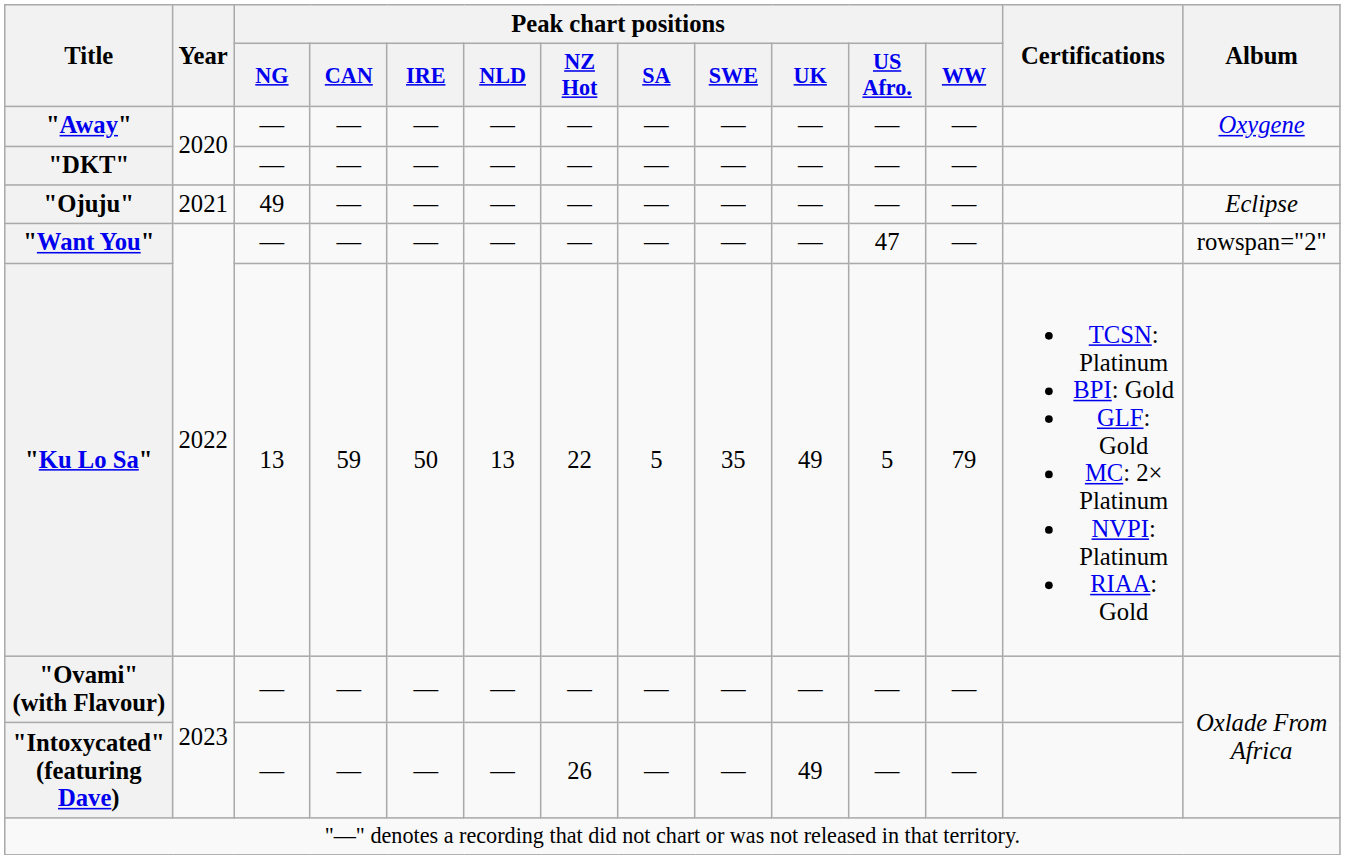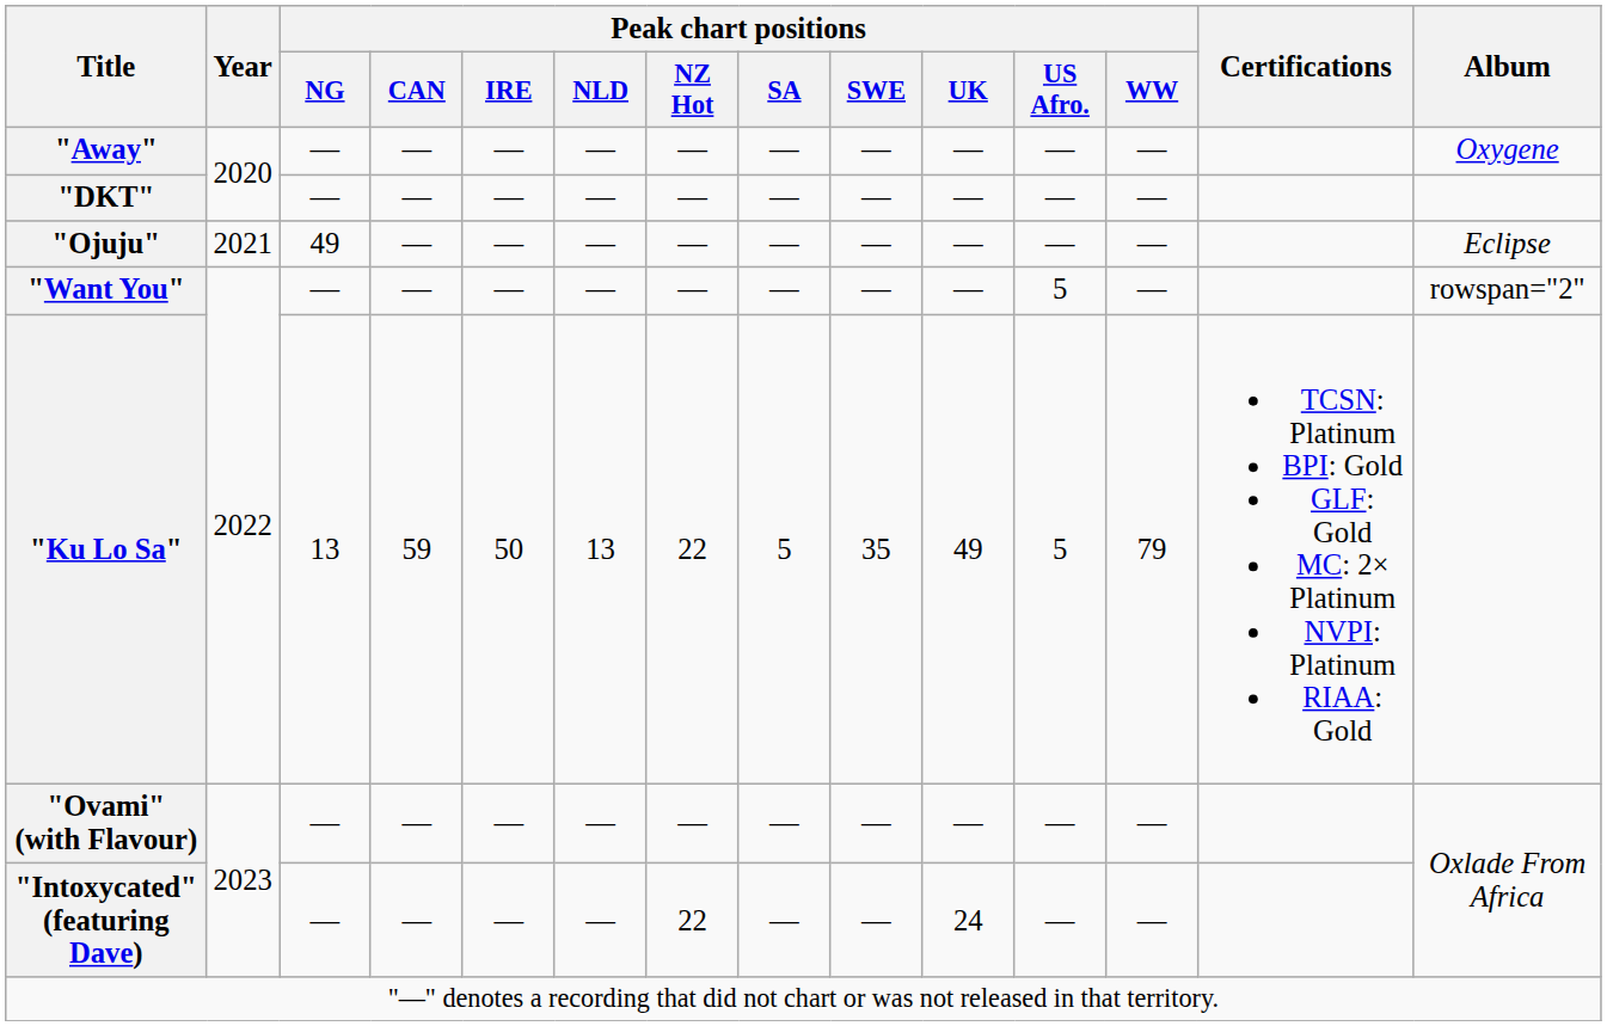 <table class="wikitable plainrowheaders" style="text-align:center;" border="1">
 <tr>
 <th scope="col" rowspan="2">Title</th>
 <th scope="col" rowspan="2" style="width:1em;">Year</th>
 <th scope="col" colspan="10">Peak chart positions</th>
 <th scope="col" rowspan="2">Certifications</th>
 <th scope="col" rowspan="2">Album</th>
 </tr>
 <tr>
 <th scope="col" style="width:3em;font-size:90%;"><a href='#'>NG</a><br></th>
 <th scope="col" style="width:3em;font-size:90%;"><a href='#'>CAN</a><br></th>
 <th scope="col" style="width:3em;font-size:90%;"><a href='#'>IRE</a><br></th>
 <th scope="col" style="width:3em;font-size:90%;"><a href='#'>NLD</a><br></th>
 <th scope="col" style="width:3em;font-size:90%;"><a href='#'>NZ<br>Hot</a><br></th>
 <th scope="col" style="width:3em;font-size:90%;"><a href='#'>SA</a><br></th>
 <th scope="col" style="width:3em;font-size:90%;"><a href='#'>SWE</a><br></th>
 <th scope="col" style="width:3em;font-size:90%;"><a href='#'>UK</a><br></th>
 <th scope="col" style="width:3em;font-size:90%;"><a href='#'>US<br>Afro.</a><br></th>
 <th scope="col" style="width:3em;font-size:90%;"><a href='#'>WW</a><br></th>
 </tr>
 <tr>
 <th scope="row">"<a href='#'>Away</a>"</th>
 <td rowspan="2">2020</td>
 <td>—</td>
 <td>—</td>
 <td>—</td>
 <td>—</td>
 <td>—</td>
 <td>—</td>
 <td>—</td>
 <td>—</td>
 <td>—</td>
 <td>—</td>
 <td></td>
 <td><em><a href='#'>Oxygene</a></em></td>
 </tr>
 <tr>
 <th scope="row">"DKT"</th>
 <td>—</td>
 <td>—</td>
 <td>—</td>
 <td>—</td>
 <td>—</td>
 <td>—</td>
 <td>—</td>
 <td>—</td>
 <td>—</td>
 <td>—</td>
 <td></td>
 <td></td>
 </tr>
 <tr>
 <th scope="row">"Ojuju"</th>
 <td>2021</td>
 <td>49</td>
 <td>—</td>
 <td>—</td>
 <td>—</td>
 <td>—</td>
 <td>—</td>
 <td>—</td>
 <td>—</td>
 <td>—</td>
 <td>—</td>
 <td></td>
 <td><em>Eclipse</em></td>
 </tr>
 <tr>
 <th scope="row">"<a href='#'>Want You</a>"</th>
 <td rowspan="2">2022</td>
 <td>—</td>
 <td>—</td>
 <td>—</td>
 <td>—</td>
 <td>—</td>
 <td>—</td>
 <td>—</td>
 <td>—</td>
-<td>47</td>
+<td>5</td>
 <td>—</td>
 <td></td>
 <td>rowspan="2" </td>
 </tr>
 <tr>
 <th scope="row">"<a href='#'>Ku Lo Sa</a>"</th>
 <td>13</td>
 <td>59</td>
 <td>50<br></td>
 <td>13</td>
 <td>22</td>
 <td>5</td>
 <td>35</td>
 <td>49</td>
 <td>5</td>
 <td>79</td>
 <td><br><ul><li><a href='#'>TCSN</a>: Platinum</li><li><a href='#'>BPI</a>: Gold</li><li><a href='#'>GLF</a>: Gold</li><li><a href='#'>MC</a>: 2× Platinum</li><li><a href='#'>NVPI</a>: Platinum</li><li><a href='#'>RIAA</a>: Gold</li></ul></td>
 </tr>
 <tr>
 <th scope="row">"Ovami"<br><span>(with Flavour)</span></th>
 <td rowspan="2">2023</td>
 <td>—</td>
 <td>—</td>
 <td>—</td>
 <td>—</td>
 <td>—</td>
 <td>—</td>
 <td>—</td>
 <td>—</td>
 <td>—</td>
 <td>—</td>
 <td></td>
 <td rowspan="2"><em>Oxlade From Africa</em></td>
 </tr>
 <tr>
 <th scope="row">"Intoxycated"<br><span>(featuring <a href='#'>Dave</a>)</span></th>
 <td>—</td>
 <td>—</td>
 <td>—</td>
 <td>—</td>
-<td>26</td>
+<td>22</td>
 <td>—</td>
 <td>—</td>
-<td>49</td>
+<td>24</td>
 <td>—</td>
 <td>—</td>
 <td></td>
 </tr>
 <tr>
 <td colspan="14" style="font-size:90%">"—" denotes a recording that did not chart or was not released in that territory.</td>
 </tr>
 </table>
